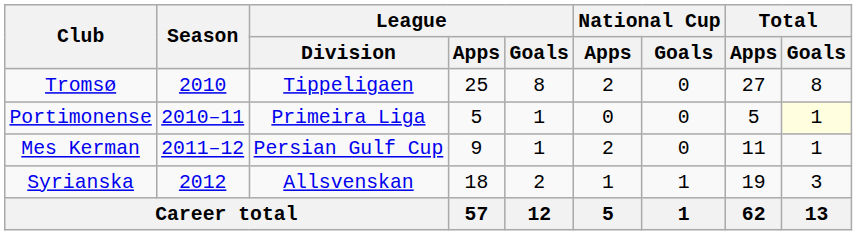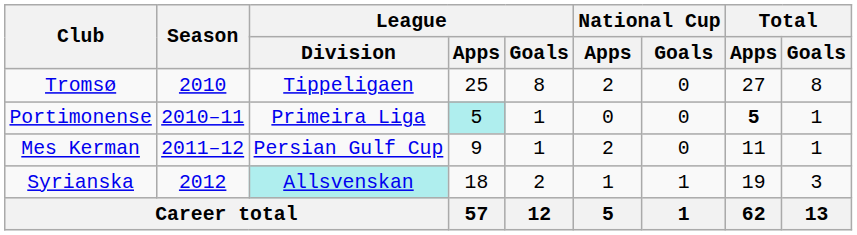 <table class="wikitable" style="text-align:center">
 <tr>
 <th rowspan="2">Club</th>
 <th rowspan="2">Season</th>
 <th colspan="3">League</th>
 <th colspan="2">National Cup</th>
 <th colspan=2>Total</th>
 </tr>
 <tr>
 <th>Division</th>
 <th>Apps</th>
 <th>Goals</th>
 <th>Apps</th>
 <th>Goals</th>
 <th>Apps</th>
 <th>Goals</th>
 </tr>
 <tr>
 <td><a href='#'>Tromsø</a></td>
 <td><a href='#'>2010</a></td>
 <td><a href='#'>Tippeligaen</a></td>
 <td>25</td>
 <td>8</td>
 <td>2</td>
 <td>0</td>
 <td>27</td>
 <td>8</td>
 </tr>
 <tr>
 <td><a href='#'>Portimonense</a></td>
 <td><a href='#'>2010–11</a></td>
 <td><a href='#'>Primeira Liga</a></td>
-<td>5</td>
+<td style="background: paleturquoise;">5</td>
 <td>1</td>
 <td>0</td>
 <td>0</td>
-<td>5</td>
-<td style="background: lightyellow;">1</td>
+<td><strong>5</strong></td>
+<td>1</td>
 </tr>
 <tr>
 <td rowspan="1"><a href='#'>Mes Kerman</a></td>
 <td><a href='#'>2011–12</a></td>
 <td rowspan="1"><a href='#'>Persian Gulf Cup</a></td>
 <td>9</td>
 <td>1</td>
 <td>2</td>
 <td>0</td>
 <td>11</td>
 <td>1</td>
 </tr>
 <tr>
 <td rowspan="1"><a href='#'>Syrianska</a></td>
 <td><a href='#'>2012</a></td>
-<td rowspan="1"><a href='#'>Allsvenskan</a></td>
+<td rowspan="1" style="background: paleturquoise;"><a href='#'>Allsvenskan</a></td>
 <td>18</td>
 <td>2</td>
 <td>1</td>
 <td>1</td>
 <td>19</td>
 <td>3</td>
 </tr>
 <tr>
 <th colspan="3">Career total</th>
 <th>57</th>
 <th>12</th>
 <th>5</th>
 <th>1</th>
 <th>62</th>
 <th>13</th>
 </tr>
 </table>
